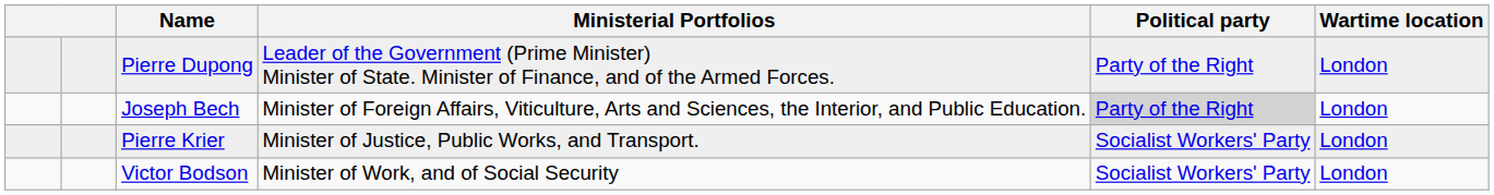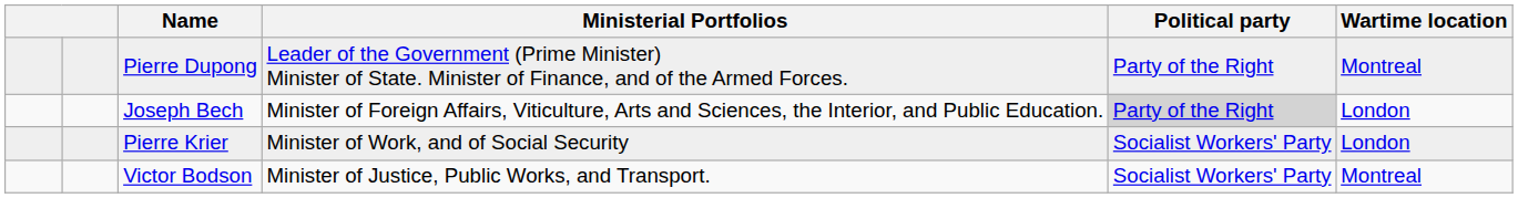 <table class="wikitable sortable">
 <tr>
 <th colspan="2" width=80></th>
 <th>Name</th>
 <th>Ministerial Portfolios</th>
 <th>Political party</th>
 <th>Wartime location</th>
 </tr>
 <tr bgcolor="efefef">
 <td style="background: "></td>
 <td></td>
 <td><a href='#'>Pierre Dupong</a></td>
 <td><a href='#'>Leader of the Government</a> (Prime Minister)<br>Minister of State. Minister of Finance, and of the Armed Forces.</td>
 <td><a href='#'>Party of the Right</a></td>
-<td><a href='#'>London</a></td>
+<td><a href='#'>Montreal</a></td>
 </tr>
 <tr>
 <td style="background: "></td>
 <td></td>
 <td><a href='#'>Joseph Bech</a></td>
 <td>Minister of Foreign Affairs, Viticulture, Arts and Sciences, the Interior, and Public Education.</td>
 <td style="background: lightgrey;"><a href='#'>Party of the Right</a></td>
 <td><a href='#'>London</a></td>
 </tr>
 <tr bgcolor="efefef">
 <td style="background: "></td>
 <td></td>
 <td><a href='#'>Pierre Krier</a></td>
-<td>Minister of Justice, Public Works, and Transport.</td>
+<td>Minister of Work, and of Social Security</td>
 <td><a href='#'>Socialist Workers' Party</a></td>
 <td><a href='#'>London</a></td>
 </tr>
 <tr>
 <td style="background: "></td>
 <td></td>
 <td><a href='#'>Victor Bodson</a></td>
-<td>Minister of Work, and of Social Security</td>
+<td>Minister of Justice, Public Works, and Transport.</td>
 <td><a href='#'>Socialist Workers' Party</a></td>
-<td><a href='#'>London</a></td>
+<td><a href='#'>Montreal</a></td>
 </tr>
 </table>
